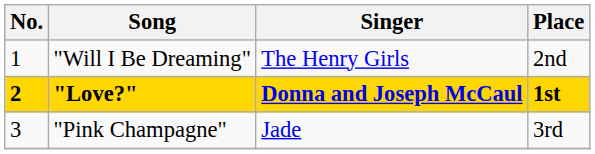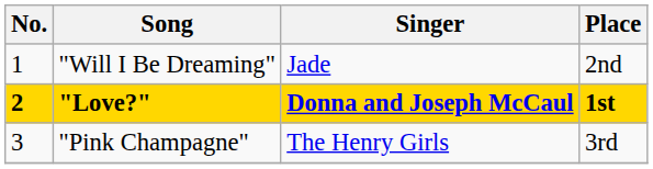 <table class="wikitable">
 <tr>
 <th>No.</th>
 <th>Song</th>
 <th>Singer</th>
 <th>Place</th>
 </tr>
 <tr>
 <td>1</td>
 <td>"Will I Be Dreaming"</td>
-<td><a href='#'>The Henry Girls</a></td>
+<td><a href='#'>Jade</a></td>
 <td>2nd</td>
 </tr>
 <tr bgcolor="gold">
 <td><strong>2</strong></td>
 <td><strong>"Love?"</strong></td>
 <td><strong><a href='#'>Donna and Joseph McCaul</a></strong></td>
 <td><strong>1st</strong></td>
 </tr>
 <tr>
 <td>3</td>
 <td>"Pink Champagne"</td>
-<td><a href='#'>Jade</a></td>
+<td><a href='#'>The Henry Girls</a></td>
 <td>3rd</td>
 </tr>
 <tr>
 </tr>
 </table>
